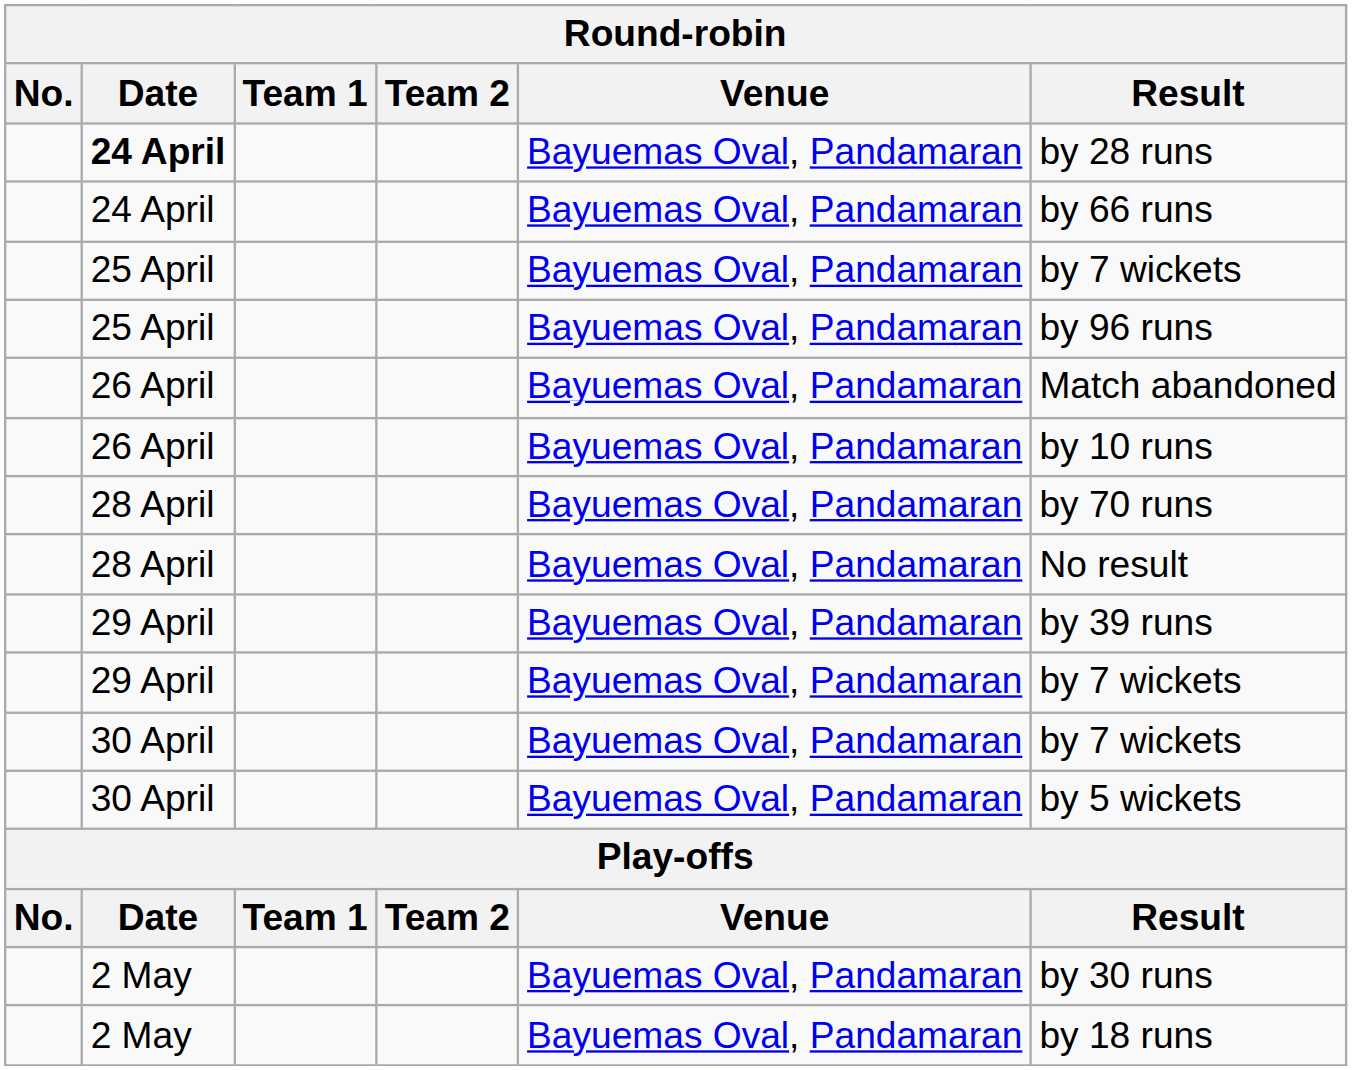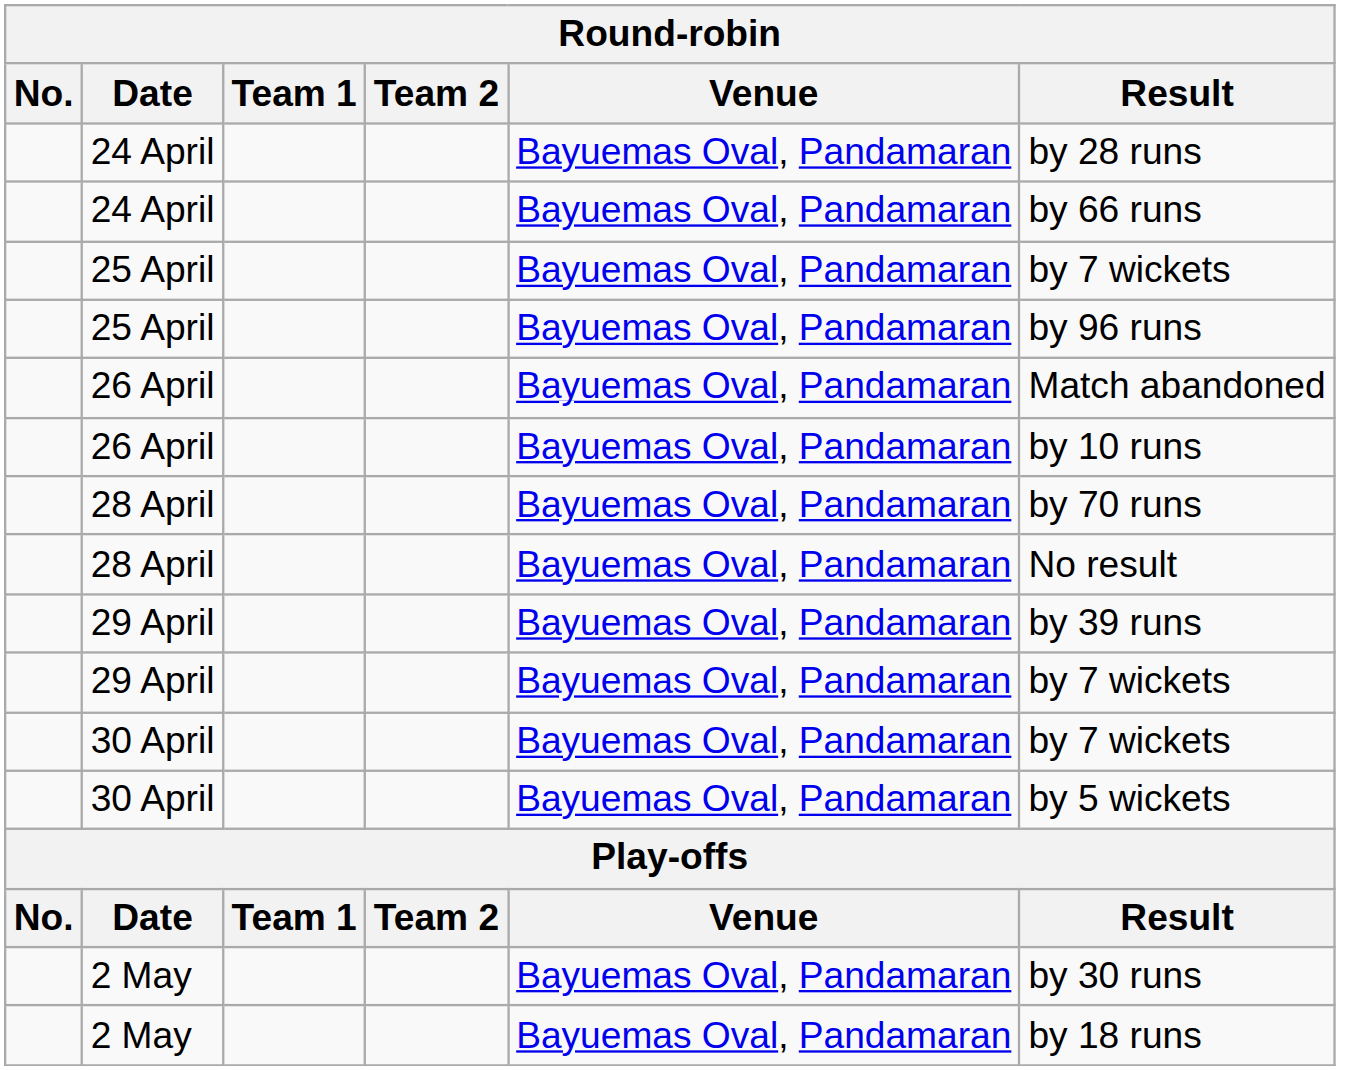 <table class="wikitable">
 <tr>
 <th colspan="6">Round-robin</th>
 </tr>
 <tr>
 <th>No.</th>
 <th>Date</th>
 <th>Team 1</th>
 <th>Team 2</th>
 <th>Venue</th>
 <th>Result</th>
 </tr>
 <tr>
 <td></td>
-<td><strong>24 April</strong></td>
+<td>24 April</td>
 <td></td>
 <td></td>
 <td><a href='#'>Bayuemas Oval</a>, <a href='#'>Pandamaran</a></td>
 <td> by 28 runs</td>
 </tr>
 <tr>
 <td></td>
 <td>24 April</td>
 <td></td>
 <td></td>
 <td><a href='#'>Bayuemas Oval</a>, <a href='#'>Pandamaran</a></td>
 <td> by 66 runs</td>
 </tr>
 <tr>
 <td></td>
 <td>25 April</td>
 <td></td>
 <td></td>
 <td><a href='#'>Bayuemas Oval</a>, <a href='#'>Pandamaran</a></td>
 <td> by 7 wickets</td>
 </tr>
 <tr>
 <td></td>
 <td>25 April</td>
 <td></td>
 <td></td>
 <td><a href='#'>Bayuemas Oval</a>, <a href='#'>Pandamaran</a></td>
 <td> by 96 runs</td>
 </tr>
 <tr>
 <td></td>
 <td>26 April</td>
 <td></td>
 <td></td>
 <td><a href='#'>Bayuemas Oval</a>, <a href='#'>Pandamaran</a></td>
 <td>Match abandoned</td>
 </tr>
 <tr>
 <td></td>
 <td>26 April</td>
 <td></td>
 <td></td>
 <td><a href='#'>Bayuemas Oval</a>, <a href='#'>Pandamaran</a></td>
 <td> by 10 runs</td>
 </tr>
 <tr>
 <td></td>
 <td>28 April</td>
 <td></td>
 <td></td>
 <td><a href='#'>Bayuemas Oval</a>, <a href='#'>Pandamaran</a></td>
 <td> by 70 runs</td>
 </tr>
 <tr>
 <td></td>
 <td>28 April</td>
 <td></td>
 <td></td>
 <td><a href='#'>Bayuemas Oval</a>, <a href='#'>Pandamaran</a></td>
 <td>No result</td>
 </tr>
 <tr>
 <td></td>
 <td>29 April</td>
 <td></td>
 <td></td>
 <td><a href='#'>Bayuemas Oval</a>, <a href='#'>Pandamaran</a></td>
 <td> by 39 runs</td>
 </tr>
 <tr>
 <td></td>
 <td>29 April</td>
 <td></td>
 <td></td>
 <td><a href='#'>Bayuemas Oval</a>, <a href='#'>Pandamaran</a></td>
 <td> by 7 wickets</td>
 </tr>
 <tr>
 <td></td>
 <td>30 April</td>
 <td></td>
 <td></td>
 <td><a href='#'>Bayuemas Oval</a>, <a href='#'>Pandamaran</a></td>
 <td> by 7 wickets</td>
 </tr>
 <tr>
 <td></td>
 <td>30 April</td>
 <td></td>
 <td></td>
 <td><a href='#'>Bayuemas Oval</a>, <a href='#'>Pandamaran</a></td>
 <td> by 5 wickets</td>
 </tr>
 <tr>
 <th colspan="6">Play-offs</th>
 </tr>
 <tr>
 <th>No.</th>
 <th>Date</th>
 <th>Team 1</th>
 <th>Team 2</th>
 <th>Venue</th>
 <th>Result</th>
 </tr>
 <tr>
 <td></td>
 <td>2 May</td>
 <td></td>
 <td></td>
 <td><a href='#'>Bayuemas Oval</a>, <a href='#'>Pandamaran</a></td>
 <td> by 30 runs</td>
 </tr>
 <tr>
 <td></td>
 <td>2 May</td>
 <td></td>
 <td></td>
 <td><a href='#'>Bayuemas Oval</a>, <a href='#'>Pandamaran</a></td>
 <td> by 18 runs</td>
 </tr>
 </table>
